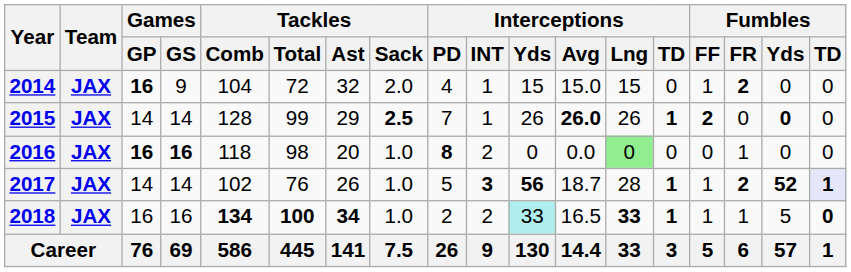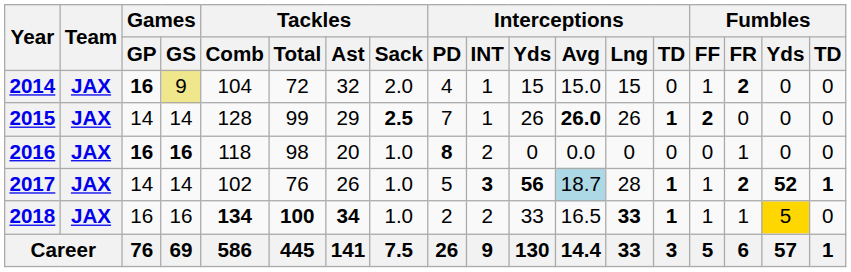 <table class="wikitable" style="text-align:center">
 <tr>
 <th rowspan="2">Year</th>
 <th rowspan="2">Team</th>
 <th colspan="2">Games</th>
 <th colspan="4">Tackles</th>
 <th colspan="6">Interceptions</th>
 <th colspan="4">Fumbles</th>
 </tr>
 <tr>
 <th>GP</th>
 <th>GS</th>
 <th>Comb</th>
 <th>Total</th>
 <th>Ast</th>
 <th>Sack</th>
 <th>PD</th>
 <th>INT</th>
 <th>Yds</th>
 <th>Avg</th>
 <th>Lng</th>
 <th>TD</th>
 <th>FF</th>
 <th>FR</th>
 <th>Yds</th>
 <th>TD</th>
 </tr>
 <tr>
 <th><a href='#'>2014</a></th>
 <th><a href='#'>JAX</a></th>
 <td><strong>16</strong></td>
-<td>9</td>
+<td style="background: khaki;">9</td>
 <td>104</td>
 <td>72</td>
 <td>32</td>
 <td>2.0</td>
 <td>4</td>
 <td>1</td>
 <td>15</td>
 <td>15.0</td>
 <td>15</td>
 <td>0</td>
 <td>1</td>
 <td><strong>2</strong></td>
 <td>0</td>
 <td>0</td>
 </tr>
 <tr>
 <th><a href='#'>2015</a></th>
 <th><a href='#'>JAX</a></th>
 <td>14</td>
 <td>14</td>
 <td>128</td>
 <td>99</td>
 <td>29</td>
 <td><strong>2.5</strong></td>
 <td>7</td>
 <td>1</td>
 <td>26</td>
 <td><strong>26.0</strong></td>
 <td>26</td>
 <td><strong>1</strong></td>
 <td><strong>2</strong></td>
 <td>0</td>
-<td><strong>0</strong></td>
+<td>0</td>
 <td>0</td>
 </tr>
 <tr>
 <th><a href='#'>2016</a></th>
 <th><a href='#'>JAX</a></th>
 <td><strong>16</strong></td>
 <td><strong>16</strong></td>
 <td>118</td>
 <td>98</td>
 <td>20</td>
 <td>1.0</td>
 <td><strong>8</strong></td>
 <td>2</td>
 <td>0</td>
 <td>0.0</td>
-<td style="background: lightgreen;">0</td>
+<td>0</td>
 <td>0</td>
 <td>0</td>
 <td>1</td>
 <td>0</td>
 <td>0</td>
 </tr>
 <tr>
 <th><a href='#'>2017</a></th>
 <th><a href='#'>JAX</a></th>
 <td>14</td>
 <td>14</td>
 <td>102</td>
 <td>76</td>
 <td>26</td>
 <td>1.0</td>
 <td>5</td>
 <td><strong>3</strong></td>
 <td><strong>56</strong></td>
-<td>18.7</td>
+<td style="background: lightblue;">18.7</td>
 <td>28</td>
 <td><strong>1</strong></td>
 <td>1</td>
 <td><strong>2</strong></td>
 <td><strong>52</strong></td>
-<td style="background: lavender;"><strong>1</strong></td>
+<td><strong>1</strong></td>
 </tr>
 <tr>
 <th><a href='#'>2018</a></th>
 <th><a href='#'>JAX</a></th>
 <td>16</td>
 <td>16</td>
 <td><strong>134</strong></td>
 <td><strong>100</strong></td>
 <td><strong>34</strong></td>
 <td>1.0</td>
 <td>2</td>
 <td>2</td>
-<td style="background: paleturquoise;">33</td>
+<td>33</td>
 <td>16.5</td>
 <td><strong>33</strong></td>
 <td><strong>1</strong></td>
 <td>1</td>
 <td>1</td>
-<td>5</td>
-<td><strong>0</strong></td>
+<td style="background: gold;">5</td>
+<td>0</td>
 </tr>
 <tr>
 <th colspan="2">Career</th>
 <th>76</th>
 <th>69</th>
 <th>586</th>
 <th>445</th>
 <th>141</th>
 <th>7.5</th>
 <th>26</th>
 <th>9</th>
 <th>130</th>
 <th>14.4</th>
 <th>33</th>
 <th>3</th>
 <th>5</th>
 <th>6</th>
 <th>57</th>
 <th>1</th>
 </tr>
 </table>
